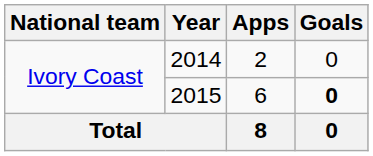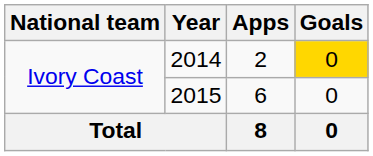 <table class=wikitable style="text-align:center">
 <tr>
 <th>National team</th>
 <th>Year</th>
 <th>Apps</th>
 <th>Goals</th>
 </tr>
 <tr>
 <td rowspan="2"><a href='#'>Ivory Coast</a></td>
 <td>2014</td>
 <td>2</td>
-<td>0</td>
+<td style="background: gold;">0</td>
 </tr>
 <tr>
 <td>2015</td>
 <td>6</td>
-<td><strong>0</strong></td>
+<td>0</td>
 </tr>
 <tr>
 <th colspan="2">Total</th>
 <th>8</th>
 <th>0</th>
 </tr>
 </table>
